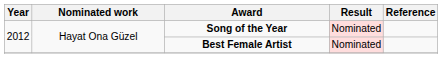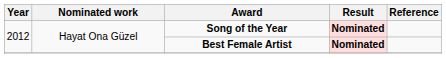 <table class="wikitable">
 <tr>
 <th>Year</th>
 <th>Nominated work</th>
 <th>Award</th>
 <th>Result</th>
 <th>Reference</th>
 </tr>
 <tr>
 <td rowspan="2">2012</td>
 <td width="200" align="center" rowspan="2">Hayat Ona Güzel</td>
 <td width="250" align="center"><strong>Song of the Year</strong></td>
-<td align="center" width="75" style="background: #ffdddd">Nominated</td>
+<td align="center" width="75" style="background: #ffdddd"><strong>Nominated</strong></td>
 <td align="center"></td>
 </tr>
 <tr>
 <td width="250" align="center"><strong>Best Female Artist</strong></td>
-<td align="center" width="75" style="background: #ffdddd">Nominated</td>
+<td align="center" width="75" style="background: #ffdddd"><strong>Nominated</strong></td>
 <td align="center"></td>
 </tr>
 <tr>
 </tr>
 <tr>
 </tr>
 </table>
